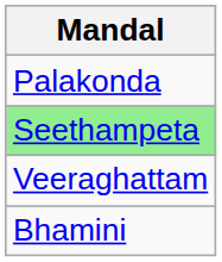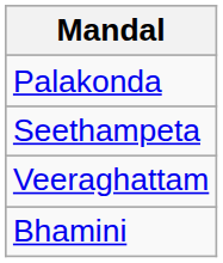 <table class="wikitable sortable static-row-numbers static-row-header-hash">
 <tr>
 <th>Mandal</th>
 </tr>
 <tr>
 <td><a href='#'>Palakonda</a></td>
 </tr>
 <tr>
-<td style="background: lightgreen;"><a href='#'>Seethampeta</a></td>
+<td><a href='#'>Seethampeta</a></td>
 </tr>
 <tr>
 <td><a href='#'>Veeraghattam</a></td>
 </tr>
 <tr>
 <td><a href='#'>Bhamini</a></td>
 </tr>
 </table>
